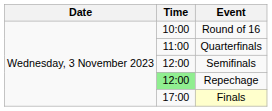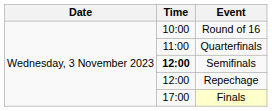 <table class = "wikitable" style="text-align:center;">
 <tr>
 <th width=220>Date</th>
 <th width=50>Time</th>
 <th width=100>Event</th>
 </tr>
 <tr>
 <td rowspan=5>Wednesday, 3 November 2023</td>
 <td>10:00</td>
 <td>Round of 16</td>
 </tr>
 <tr>
 <td>11:00</td>
 <td>Quarterfinals</td>
 </tr>
 <tr>
-<td>12:00</td>
+<td><strong>12:00</strong></td>
 <td>Semifinals</td>
 </tr>
 <tr>
-<td style="background: lightgreen;">12:00</td>
+<td>12:00</td>
 <td>Repechage</td>
 </tr>
 <tr>
 <td>17:00</td>
 <td bgcolor=ffffcc>Finals</td>
 </tr>
 </table>
